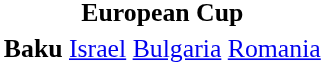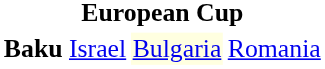 <table>
 <tr>
 <td colspan="4" style="text-align:center;"><strong>European Cup</strong></td>
 </tr>
 <tr>
 <th scope=row style="text-align:left">Baku</th>
 <td> <a href='#'>Israel</a></td>
-<td> <a href='#'>Bulgaria</a></td>
+<td style="background: lightyellow;"> <a href='#'>Bulgaria</a></td>
 <td> <a href='#'>Romania</a></td>
 </tr>
 </table>
